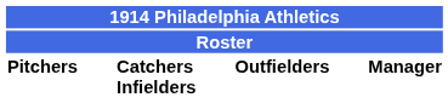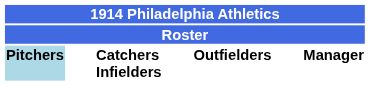 <table class="toccolours" style="font-size: 95%;">
 <tr>
 <th colspan="10" style="background-color: #4169e1; color: white; text-align: center;">1914 Philadelphia Athletics</th>
 </tr>
 <tr>
 <td colspan="10" style="background-color: #4169e1; color: white; text-align: center;"><strong>Roster</strong></td>
 </tr>
 <tr>
-<td valign="top"><strong>Pitchers</strong><br>            </td>
+<td valign="top" style="background: lightblue;"><strong>Pitchers</strong><br>            </td>
 <td width="25px"></td>
 <td valign="top"><strong>Catchers</strong><br>     <strong>Infielders</strong>             </td>
 <td width="25px"></td>
 <td valign="top"><strong>Outfielders</strong><br>       </td>
 <td width="25px"></td>
 <td valign="top"><strong>Manager</strong><br></td>
 </tr>
 </table>
